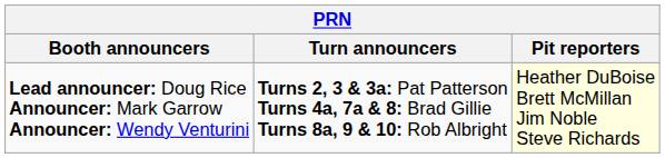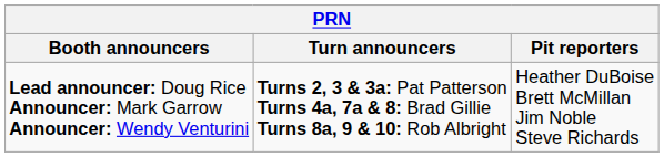 <table class="wikitable" style="font-size: 95%;">
 <tr>
 <th colspan="3"><a href='#'>PRN</a></th>
 </tr>
 <tr>
 <th>Booth announcers</th>
 <th>Turn announcers</th>
 <th>Pit reporters</th>
 </tr>
 <tr>
 <td><strong>Lead announcer:</strong> Doug Rice<br><strong>Announcer:</strong> Mark Garrow<br><strong>Announcer:</strong> <a href='#'>Wendy Venturini</a></td>
 <td><strong>Turns 2, 3 & 3a:</strong> Pat Patterson<br><strong>Turns 4a, 7a & 8:</strong> Brad Gillie<br><strong>Turns 8a, 9 & 10:</strong> Rob Albright</td>
-<td style="background: lightyellow;">Heather DuBoise<br>Brett McMillan<br>Jim Noble<br>Steve Richards</td>
+<td>Heather DuBoise<br>Brett McMillan<br>Jim Noble<br>Steve Richards</td>
 </tr>
 </table>
